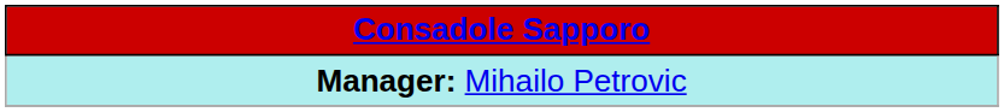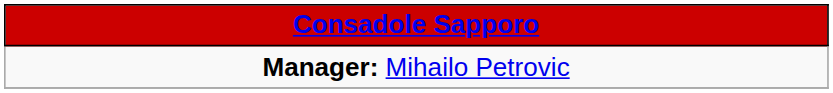 <table class="wikitable" style="width:40%; text-align:center">
 <tr>
 <th colspan="7" style="text-align:center; background:#c00; color:#fff; border:1px solid black"> <a href='#'><span>Consadole Sapporo</span></a></th>
 </tr>
 <tr>
-<td style="background: paleturquoise;"><strong>Manager:</strong>  <a href='#'>Mihailo Petrovic</a></td>
+<td><strong>Manager:</strong>  <a href='#'>Mihailo Petrovic</a></td>
 </tr>
 <tr>
 </tr>
 </table>
